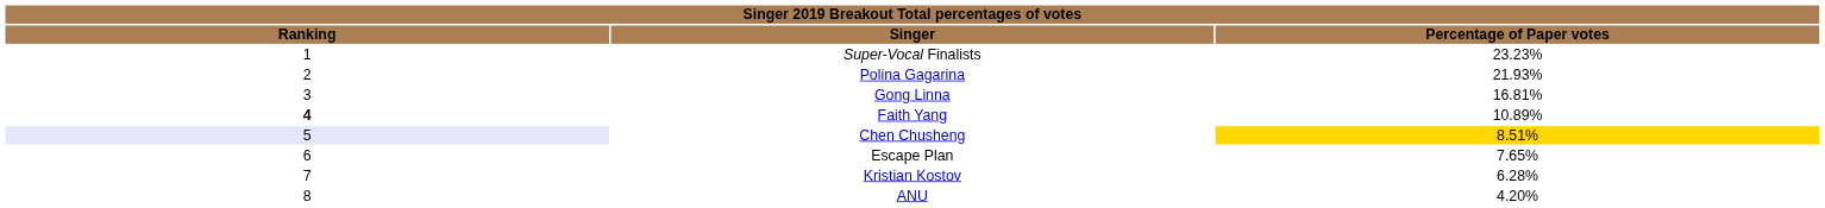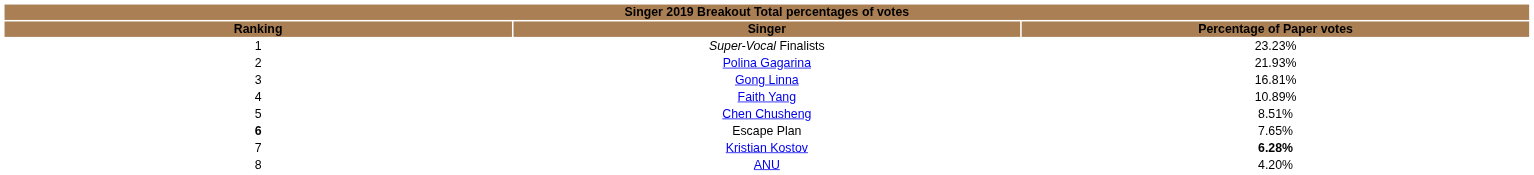 <table width="100%" style="text-align:center">
 <tr style="background:#AA7F54">
 <td colspan="3"><div><strong>Singer 2019 Breakout Total percentages of votes</strong></div></td>
 </tr>
 <tr style="background:#AA7F54">
 <td style="width:20%"><strong>Ranking</strong></td>
 <td style="width:20%"><strong>Singer</strong></td>
 <td style="width:20%"><strong>Percentage of Paper votes</strong></td>
 </tr>
 <tr>
 <td>1</td>
 <td><em>Super-Vocal</em> Finalists</td>
 <td>23.23%</td>
 </tr>
 <tr>
 <td>2</td>
 <td><a href='#'>Polina Gagarina</a></td>
 <td>21.93%</td>
 </tr>
 <tr>
 <td>3</td>
 <td><a href='#'>Gong Linna</a></td>
 <td>16.81%</td>
 </tr>
 <tr>
-<td><strong>4</strong></td>
+<td>4</td>
 <td><a href='#'>Faith Yang</a></td>
 <td>10.89%</td>
 </tr>
 <tr>
-<td style="background: lavender;">5</td>
+<td>5</td>
 <td><a href='#'>Chen Chusheng</a></td>
-<td style="background: gold;">8.51%</td>
+<td>8.51%</td>
 </tr>
 <tr>
-<td>6</td>
+<td><strong>6</strong></td>
 <td>Escape Plan</td>
 <td>7.65%</td>
 </tr>
 <tr>
 <td>7</td>
 <td><a href='#'>Kristian Kostov</a></td>
-<td>6.28%</td>
+<td><strong>6.28%</strong></td>
 </tr>
 <tr>
 <td>8</td>
 <td><a href='#'>ANU</a></td>
 <td>4.20%</td>
 </tr>
 </table>
